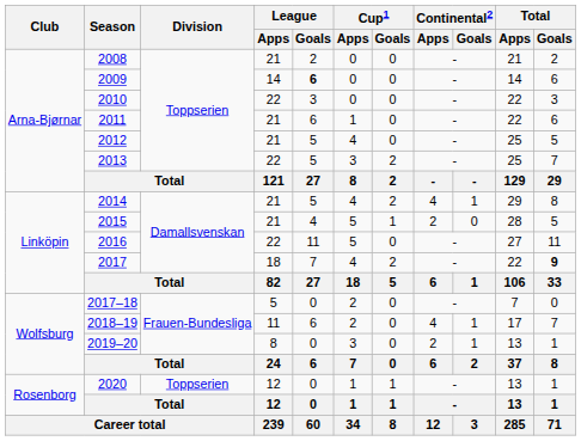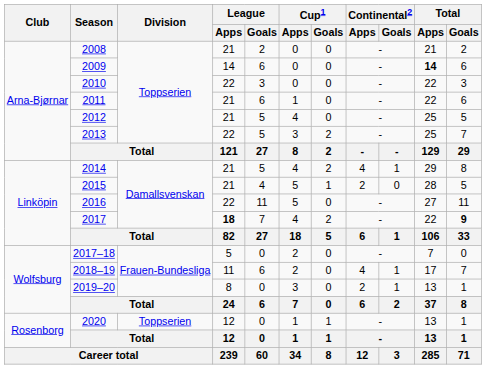 <table class="wikitable" style="text-align: center;">
 <tr>
 <th rowspan="2">Club</th>
 <th rowspan="2">Season</th>
 <th rowspan="2">Division</th>
 <th colspan="2">League</th>
 <th colspan="2">Cup<sup><a href='#'>1</a></sup></th>
 <th colspan="2">Continental<sup><a href='#'>2</a></sup></th>
 <th colspan="2">Total</th>
 </tr>
 <tr>
 <th>Apps</th>
 <th>Goals</th>
 <th>Apps</th>
 <th>Goals</th>
 <th>Apps</th>
 <th>Goals</th>
 <th>Apps</th>
 <th>Goals</th>
 </tr>
 <tr>
 <td rowspan="7" valign="center"><a href='#'>Arna-Bjørnar</a></td>
 <td><a href='#'>2008</a></td>
 <td rowspan="6" valign="center"><a href='#'>Toppserien</a></td>
 <td>21</td>
 <td>2</td>
 <td>0</td>
 <td>0</td>
 <td colspan="2">-</td>
 <td>21</td>
 <td>2</td>
 </tr>
 <tr>
 <td><a href='#'>2009</a></td>
 <td>14</td>
-<td><strong>6</strong></td>
+<td>6</td>
 <td>0</td>
 <td>0</td>
 <td colspan="2">-</td>
-<td>14</td>
+<td><strong>14</strong></td>
 <td>6</td>
 </tr>
 <tr>
 <td><a href='#'>2010</a></td>
 <td>22</td>
 <td>3</td>
 <td>0</td>
 <td>0</td>
 <td colspan="2">-</td>
 <td>22</td>
 <td>3</td>
 </tr>
 <tr>
 <td><a href='#'>2011</a></td>
 <td>21</td>
 <td>6</td>
 <td>1</td>
 <td>0</td>
 <td colspan="2">-</td>
 <td>22</td>
 <td>6</td>
 </tr>
 <tr>
 <td><a href='#'>2012</a></td>
 <td>21</td>
 <td>5</td>
 <td>4</td>
 <td>0</td>
 <td colspan="2">-</td>
 <td>25</td>
 <td>5</td>
 </tr>
 <tr>
 <td><a href='#'>2013</a></td>
 <td>22</td>
 <td>5</td>
 <td>3</td>
 <td>2</td>
 <td colspan="2">-</td>
 <td>25</td>
 <td>7</td>
 </tr>
 <tr>
 <th colspan="2">Total</th>
 <th>121</th>
 <th>27</th>
 <th>8</th>
 <th>2</th>
 <th>-</th>
 <th>-</th>
 <th>129</th>
 <th>29</th>
 </tr>
 <tr>
 <td rowspan="5" valign="center"><a href='#'>Linköpin</a></td>
 <td><a href='#'>2014</a></td>
 <td rowspan="4" valign="center"><a href='#'>Damallsvenskan</a></td>
 <td>21</td>
 <td>5</td>
 <td>4</td>
 <td>2</td>
 <td>4</td>
 <td>1</td>
 <td>29</td>
 <td>8</td>
 </tr>
 <tr>
 <td><a href='#'>2015</a></td>
 <td>21</td>
 <td>4</td>
 <td>5</td>
 <td>1</td>
 <td>2</td>
 <td>0</td>
 <td>28</td>
 <td>5</td>
 </tr>
 <tr>
 <td><a href='#'>2016</a></td>
 <td>22</td>
 <td>11</td>
 <td>5</td>
 <td>0</td>
 <td colspan="2">-</td>
 <td>27</td>
 <td>11</td>
 </tr>
 <tr>
 <td><a href='#'>2017</a></td>
-<td>18</td>
+<td><strong>18</strong></td>
 <td>7</td>
 <td>4</td>
 <td>2</td>
 <td colspan="2">-</td>
 <td>22</td>
 <td><strong>9</strong></td>
 </tr>
 <tr>
 <th colspan="2">Total</th>
 <th>82</th>
 <th>27</th>
 <th>18</th>
 <th>5</th>
 <th>6</th>
 <th>1</th>
 <th>106</th>
 <th>33</th>
 </tr>
 <tr>
 <td rowspan="4" valign="center"><a href='#'>Wolfsburg</a></td>
 <td><a href='#'>2017–18</a></td>
 <td rowspan="3" valign="center"><a href='#'>Frauen-Bundesliga</a></td>
 <td>5</td>
 <td>0</td>
 <td>2</td>
 <td>0</td>
 <td colspan="2">-</td>
 <td>7</td>
 <td>0</td>
 </tr>
 <tr>
 <td><a href='#'>2018–19</a></td>
 <td>11</td>
 <td>6</td>
 <td>2</td>
 <td>0</td>
 <td>4</td>
 <td>1</td>
 <td>17</td>
 <td>7</td>
 </tr>
 <tr>
 <td><a href='#'>2019–20</a></td>
 <td>8</td>
 <td>0</td>
 <td>3</td>
 <td>0</td>
 <td>2</td>
 <td>1</td>
 <td>13</td>
 <td>1</td>
 </tr>
 <tr>
 <th colspan="2">Total</th>
 <th>24</th>
 <th>6</th>
 <th>7</th>
 <th>0</th>
 <th>6</th>
 <th>2</th>
 <th>37</th>
 <th>8</th>
 </tr>
 <tr>
 <td rowspan="2" valign="center"><a href='#'>Rosenborg</a></td>
 <td><a href='#'>2020</a></td>
 <td rowspan="1" valign="center"><a href='#'>Toppserien</a></td>
 <td>12</td>
 <td>0</td>
 <td>1</td>
 <td>1</td>
 <td colspan="2">-</td>
 <td>13</td>
 <td>1</td>
 </tr>
 <tr>
 <th colspan="2">Total</th>
 <th>12</th>
 <th>0</th>
 <th>1</th>
 <th>1</th>
 <th colspan="2">-</th>
 <th>13</th>
 <th>1</th>
 </tr>
 <tr>
 <th colspan="3">Career total</th>
 <th>239</th>
 <th>60</th>
 <th>34</th>
 <th>8</th>
 <th>12</th>
 <th>3</th>
 <th>285</th>
 <th>71</th>
 </tr>
 </table>
